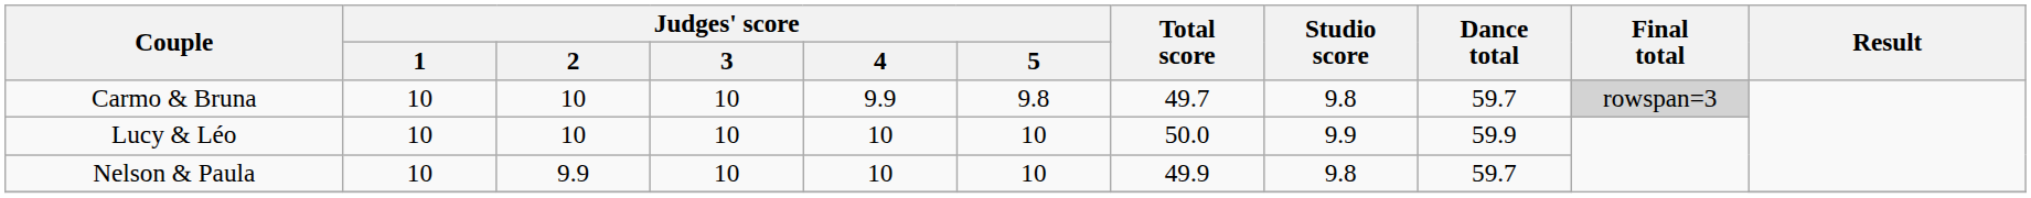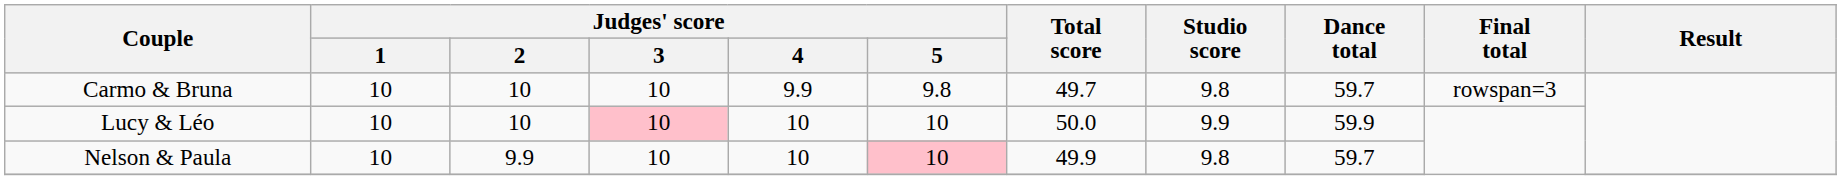 <table class="wikitable" style="font-size:100%; line-height:16px; text-align:center" width="100%">
 <tr>
 <th rowspan=2 width="11.0%">Couple</th>
 <th colspan=5 width="25.0%">Judges' score</th>
 <th rowspan=2 width="05.0%">Total<br>score</th>
 <th rowspan=2 width="05.0%">Studio<br>score</th>
 <th rowspan=2 width="05.0%">Dance<br>total</th>
 <th rowspan=2 width="05.0%">Final<br>total</th>
 <th rowspan=2 width="09.0%">Result</th>
 </tr>
 <tr>
 <th width="05.0%">1</th>
 <th width="05.0%">2</th>
 <th width="05.0%">3</th>
 <th width="05.0%">4</th>
 <th width="05.0%">5</th>
 </tr>
 <tr>
 <td>Carmo & Bruna</td>
 <td>10</td>
 <td>10</td>
 <td>10</td>
 <td>9.9</td>
 <td>9.8</td>
 <td>49.7</td>
 <td>9.8</td>
 <td>59.7</td>
-<td style="background: lightgrey;">rowspan=3 </td>
+<td>rowspan=3 </td>
 <td rowspan=3></td>
 </tr>
 <tr>
 <td>Lucy & Léo</td>
 <td>10</td>
 <td>10</td>
-<td>10</td>
+<td style="background: pink;">10</td>
 <td>10</td>
 <td>10</td>
 <td>50.0</td>
 <td>9.9</td>
 <td>59.9</td>
 </tr>
 <tr>
 <td>Nelson & Paula</td>
 <td>10</td>
 <td>9.9</td>
 <td>10</td>
 <td>10</td>
-<td>10</td>
+<td style="background: pink;">10</td>
 <td>49.9</td>
 <td>9.8</td>
 <td>59.7</td>
 </tr>
 <tr>
 </tr>
 </table>
